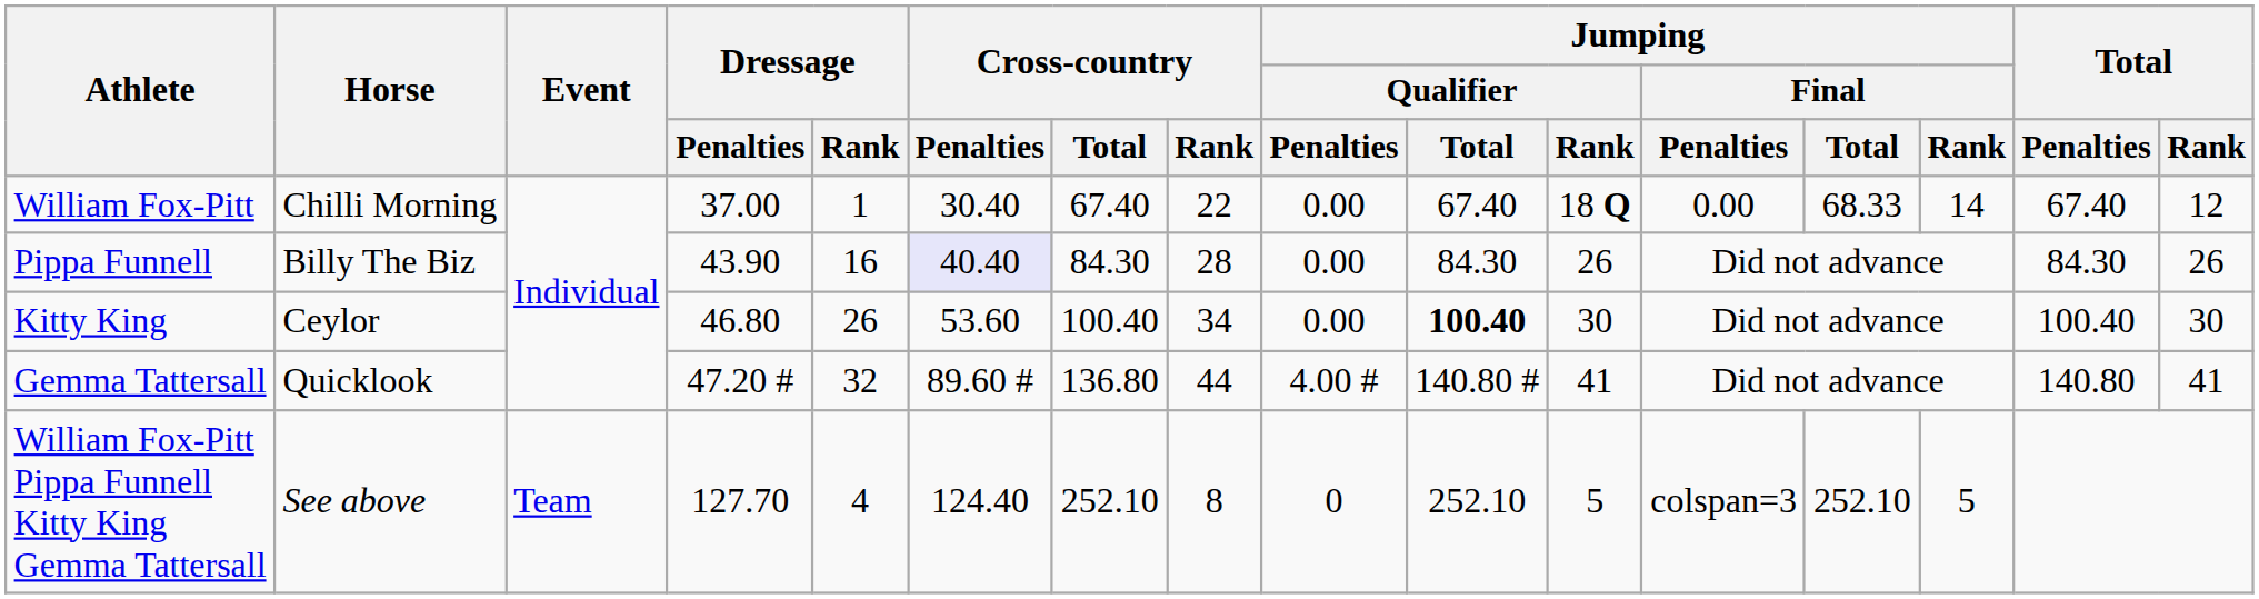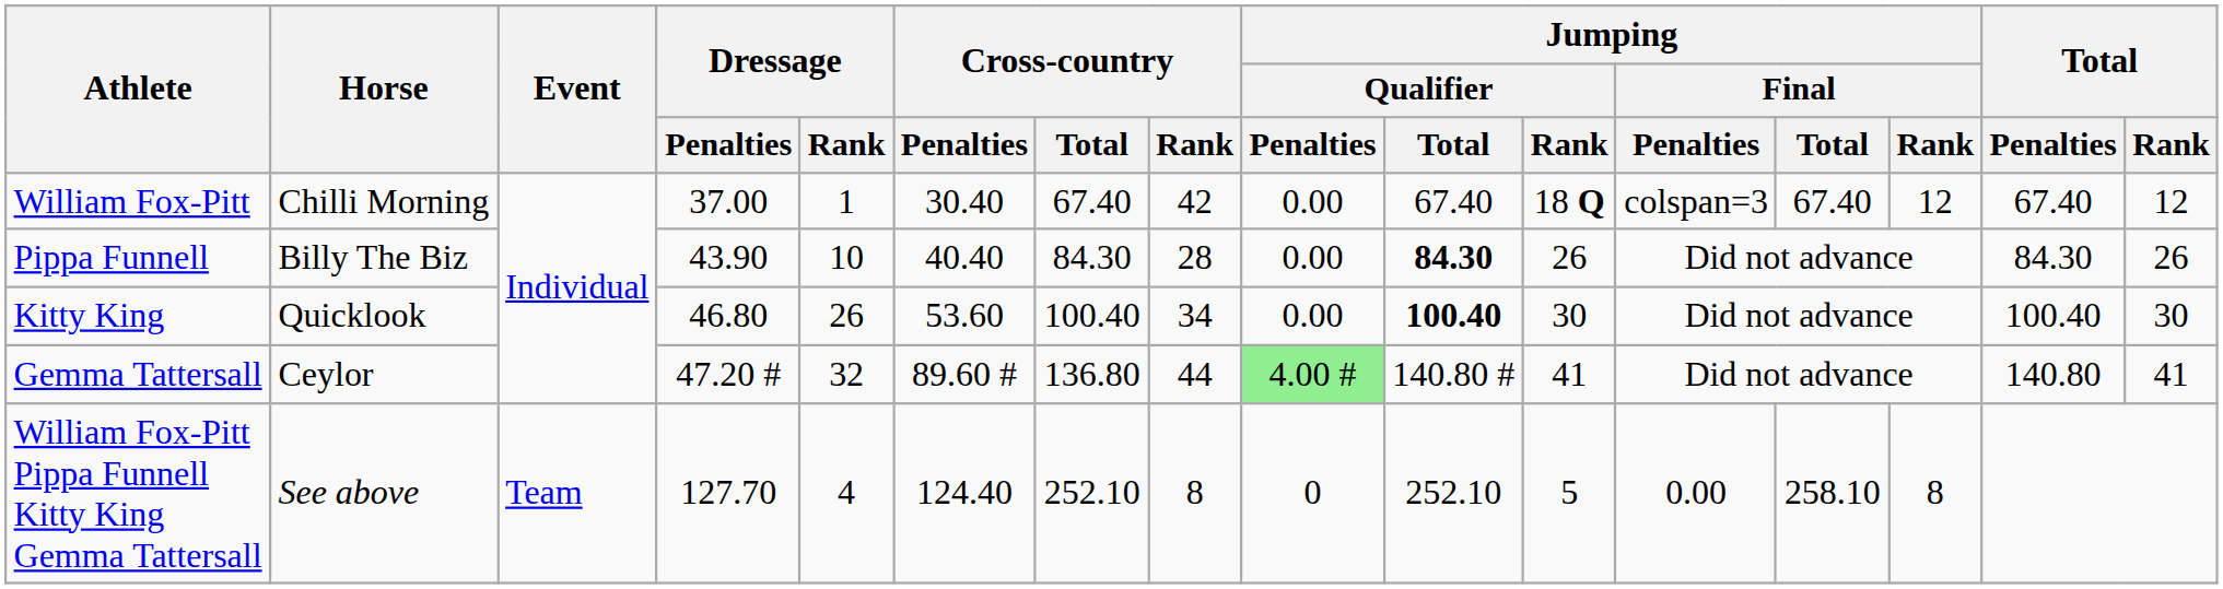 <table class=wikitable style="font-size:90%">
 <tr>
 <th rowspan="3">Athlete</th>
 <th rowspan="3">Horse</th>
 <th rowspan="3">Event</th>
 <th colspan="2" rowspan="2">Dressage</th>
 <th colspan="3" rowspan="2">Cross-country</th>
 <th colspan="6">Jumping</th>
 <th colspan="2" rowspan="2">Total</th>
 </tr>
 <tr style="font-size:95%">
 <th colspan="3">Qualifier</th>
 <th colspan="3">Final</th>
 </tr>
 <tr style="font-size:95%">
 <th>Penalties</th>
 <th>Rank</th>
 <th>Penalties</th>
 <th>Total</th>
 <th>Rank</th>
 <th>Penalties</th>
 <th>Total</th>
 <th>Rank</th>
 <th>Penalties</th>
 <th>Total</th>
 <th>Rank</th>
 <th>Penalties</th>
 <th>Rank</th>
 </tr>
 <tr align=center>
 <td align=left><a href='#'>William Fox-Pitt</a></td>
 <td align=left>Chilli Morning</td>
 <td style="text-align:left;" rowspan="4"><a href='#'>Individual</a></td>
 <td>37.00</td>
 <td>1</td>
 <td>30.40</td>
 <td>67.40</td>
-<td>22</td>
+<td>42</td>
 <td>0.00</td>
 <td>67.40</td>
 <td>18 <strong>Q</strong></td>
-<td>0.00</td>
-<td>68.33</td>
-<td>14</td>
+<td>colspan=3 </td>
+<td>67.40</td>
+<td>12</td>
 <td>67.40</td>
 <td>12</td>
 </tr>
 <tr align=center>
 <td align=left><a href='#'>Pippa Funnell</a></td>
 <td align=left>Billy The Biz</td>
 <td>43.90</td>
-<td>16</td>
-<td style="background: lavender;">40.40</td>
+<td>10</td>
+<td>40.40</td>
 <td>84.30</td>
 <td>28</td>
 <td>0.00</td>
-<td>84.30</td>
+<td><strong>84.30</strong></td>
 <td>26</td>
 <td colspan=3>Did not advance</td>
 <td>84.30</td>
 <td>26</td>
 </tr>
 <tr align=center>
 <td align=left><a href='#'>Kitty King</a></td>
-<td align=left>Ceylor</td>
+<td align=left>Quicklook</td>
 <td>46.80</td>
 <td>26</td>
 <td>53.60</td>
 <td>100.40</td>
 <td>34</td>
 <td>0.00</td>
 <td><strong>100.40</strong></td>
 <td>30</td>
 <td colspan=3>Did not advance</td>
 <td>100.40</td>
 <td>30</td>
 </tr>
 <tr align=center>
 <td align=left><a href='#'>Gemma Tattersall</a></td>
-<td align=left>Quicklook</td>
+<td align=left>Ceylor</td>
 <td>47.20 #</td>
 <td>32</td>
 <td>89.60 #</td>
 <td>136.80</td>
 <td>44</td>
-<td>4.00 #</td>
+<td style="background: lightgreen;">4.00 #</td>
 <td>140.80 #</td>
 <td>41</td>
 <td colspan=3>Did not advance</td>
 <td>140.80</td>
 <td>41</td>
 </tr>
 <tr align=center>
 <td align=left><a href='#'>William Fox-Pitt</a><br><a href='#'>Pippa Funnell</a><br><a href='#'>Kitty King</a><br><a href='#'>Gemma Tattersall</a></td>
 <td align=left><em>See above</em></td>
 <td align=left><a href='#'>Team</a></td>
 <td>127.70</td>
 <td>4</td>
 <td>124.40</td>
 <td>252.10</td>
 <td>8</td>
 <td>0</td>
 <td>252.10</td>
 <td>5</td>
-<td>colspan=3 </td>
-<td>252.10</td>
-<td>5</td>
+<td>0.00</td>
+<td>258.10</td>
+<td>8</td>
 </tr>
 </table>
